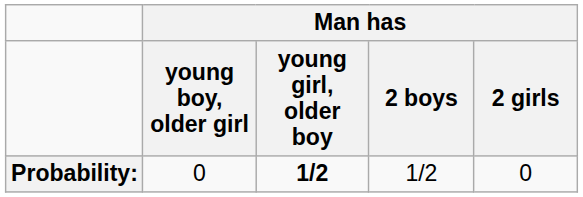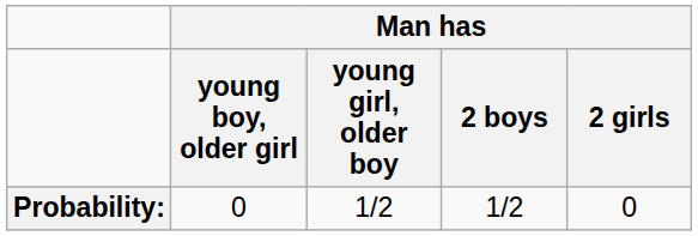 <table class="wikitable" style="margin:auto; text-align: center;" width="45%">
 <tr>
 <td></td>
 <th colspan=4>Man has</th>
 </tr>
 <tr>
 <td></td>
 <th width="25%">young boy, older girl</th>
 <th width="25%">young girl, older boy</th>
 <th width="25%">2 boys</th>
 <th width="25%">2 girls</th>
 </tr>
 <tr>
 <th>Probability:</th>
 <td width="25%">0</td>
-<td width="25%"><strong>1/2</strong></td>
+<td width="25%">1/2</td>
 <td width="25%">1/2</td>
 <td width="25%">0</td>
 </tr>
 </table>
